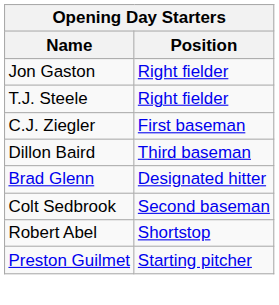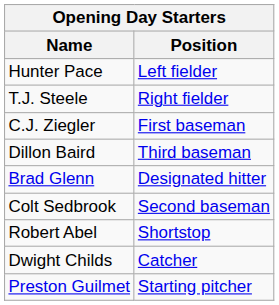 <table class="wikitable" style="text-align:left">
 <tr>
 <th colspan="2">Opening Day Starters</th>
 </tr>
 <tr>
 <th>Name</th>
 <th>Position</th>
 </tr>
 <tr>
-<td>Jon Gaston</td>
-<td><a href='#'>Right fielder</a></td>
+<td>Hunter Pace</td>
+<td><a href='#'>Left fielder</a></td>
 </tr>
 <tr>
 <td>T.J. Steele</td>
 <td><a href='#'>Right fielder</a></td>
 </tr>
 <tr>
 <td>C.J. Ziegler</td>
 <td><a href='#'>First baseman</a></td>
 </tr>
 <tr>
 <td>Dillon Baird</td>
 <td><a href='#'>Third baseman</a></td>
 </tr>
 <tr>
 <td><a href='#'>Brad Glenn</a></td>
 <td><a href='#'>Designated hitter</a></td>
 </tr>
 <tr>
 <td>Colt Sedbrook</td>
 <td><a href='#'>Second baseman</a></td>
 </tr>
 <tr>
 <td>Robert Abel</td>
 <td><a href='#'>Shortstop</a></td>
 </tr>
 <tr>
+<td>Dwight Childs</td>
+<td><a href='#'>Catcher</a></td>
+</tr>
+<tr>
 <td><a href='#'>Preston Guilmet</a></td>
 <td><a href='#'>Starting pitcher</a></td>
 </tr>
 </table>
